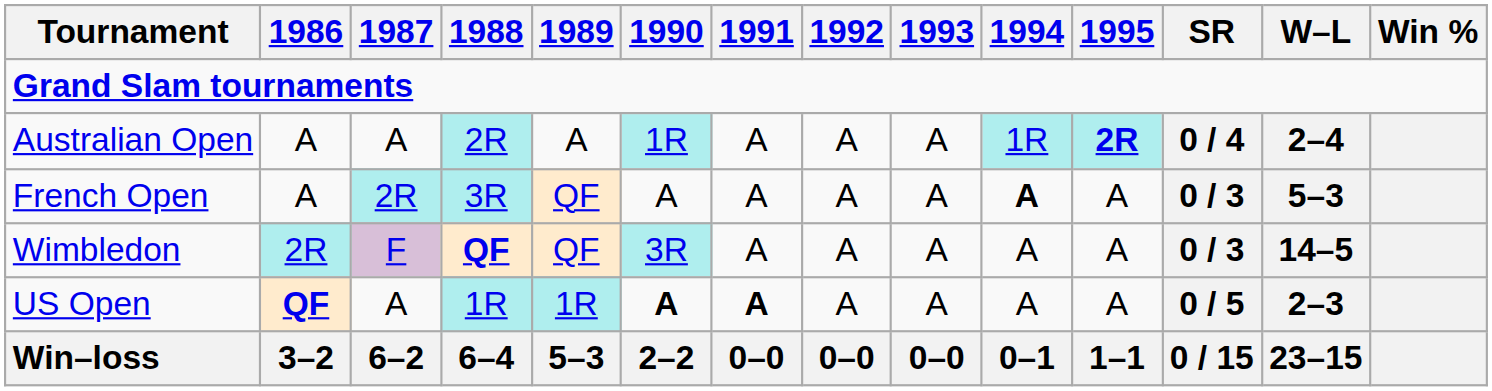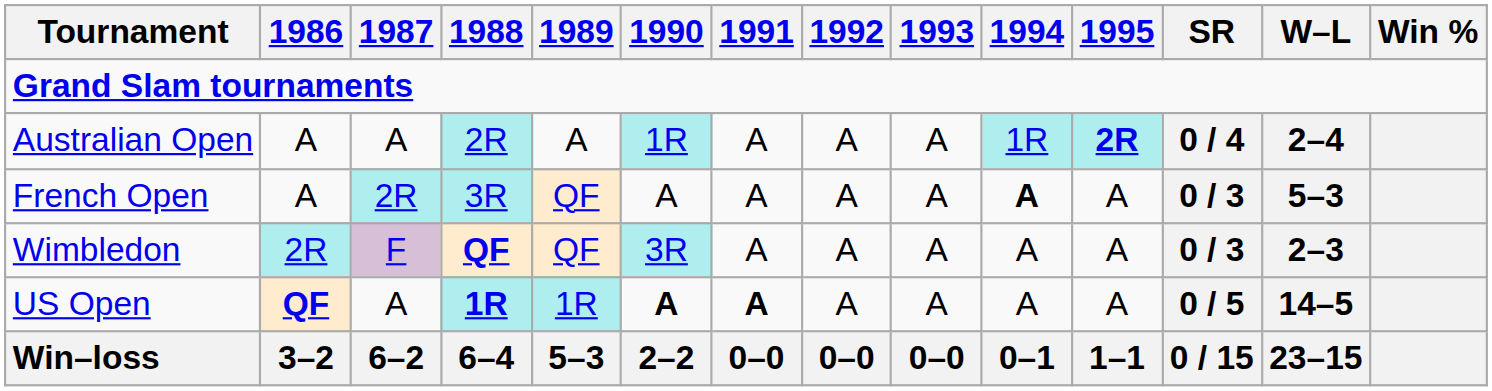 <table class=wikitable style=text-align:center;font-size:97%>
 <tr>
 <th>Tournament</th>
 <th><a href='#'>1986</a></th>
 <th><a href='#'>1987</a></th>
 <th><a href='#'>1988</a></th>
 <th><a href='#'>1989</a></th>
 <th><a href='#'>1990</a></th>
 <th><a href='#'>1991</a></th>
 <th><a href='#'>1992</a></th>
 <th><a href='#'>1993</a></th>
 <th><a href='#'>1994</a></th>
 <th><a href='#'>1995</a></th>
 <th>SR</th>
 <th>W–L</th>
 <th>Win %</th>
 </tr>
 <tr>
 <td colspan=23 align=left><strong><a href='#'>Grand Slam tournaments</a></strong></td>
 </tr>
 <tr>
 <td align=left><a href='#'>Australian Open</a></td>
 <td>A</td>
 <td>A</td>
 <td bgcolor=afeeee><a href='#'>2R</a></td>
 <td>A</td>
 <td bgcolor=afeeee><a href='#'>1R</a></td>
 <td>A</td>
 <td>A</td>
 <td>A</td>
 <td bgcolor=afeeee><a href='#'>1R</a></td>
 <td bgcolor=afeeee><strong><a href='#'>2R</a></strong></td>
 <th>0 / 4</th>
 <th>2–4</th>
 <th></th>
 </tr>
 <tr>
 <td align=left><a href='#'>French Open</a></td>
 <td>A</td>
 <td bgcolor=afeeee><a href='#'>2R</a></td>
 <td bgcolor=afeeee><a href='#'>3R</a></td>
 <td bgcolor=ffebcd><a href='#'>QF</a></td>
 <td>A</td>
 <td>A</td>
 <td>A</td>
 <td>A</td>
 <td><strong>A</strong></td>
 <td>A</td>
 <th>0 / 3</th>
 <th>5–3</th>
 <th></th>
 </tr>
 <tr>
 <td align=left><a href='#'>Wimbledon</a></td>
 <td bgcolor=afeeee><a href='#'>2R</a></td>
 <td bgcolor=thistle><a href='#'>F</a></td>
 <td bgcolor=ffebcd><strong><a href='#'>QF</a></strong></td>
 <td bgcolor=ffebcd><a href='#'>QF</a></td>
 <td bgcolor=afeeee><a href='#'>3R</a></td>
 <td>A</td>
 <td>A</td>
 <td>A</td>
 <td>A</td>
 <td>A</td>
 <th>0 / 3</th>
-<th>14–5</th>
+<th>2–3</th>
 <th></th>
 </tr>
 <tr>
 <td align=left><a href='#'>US Open</a></td>
 <td bgcolor=ffebcd><strong><a href='#'>QF</a></strong></td>
 <td>A</td>
-<td bgcolor=afeeee><a href='#'>1R</a></td>
+<td bgcolor=afeeee><strong><a href='#'>1R</a></strong></td>
 <td bgcolor=afeeee><a href='#'>1R</a></td>
 <td><strong>A</strong></td>
 <td><strong>A</strong></td>
 <td>A</td>
 <td>A</td>
 <td>A</td>
 <td>A</td>
 <th>0 / 5</th>
-<th>2–3</th>
+<th>14–5</th>
 <th></th>
 </tr>
 <tr>
 <th style=text-align:left>Win–loss</th>
 <th>3–2</th>
 <th>6–2</th>
 <th>6–4</th>
 <th>5–3</th>
 <th>2–2</th>
 <th>0–0</th>
 <th>0–0</th>
 <th>0–0</th>
 <th>0–1</th>
 <th>1–1</th>
 <th>0 / 15</th>
 <th>23–15</th>
 <th></th>
 </tr>
 </table>
